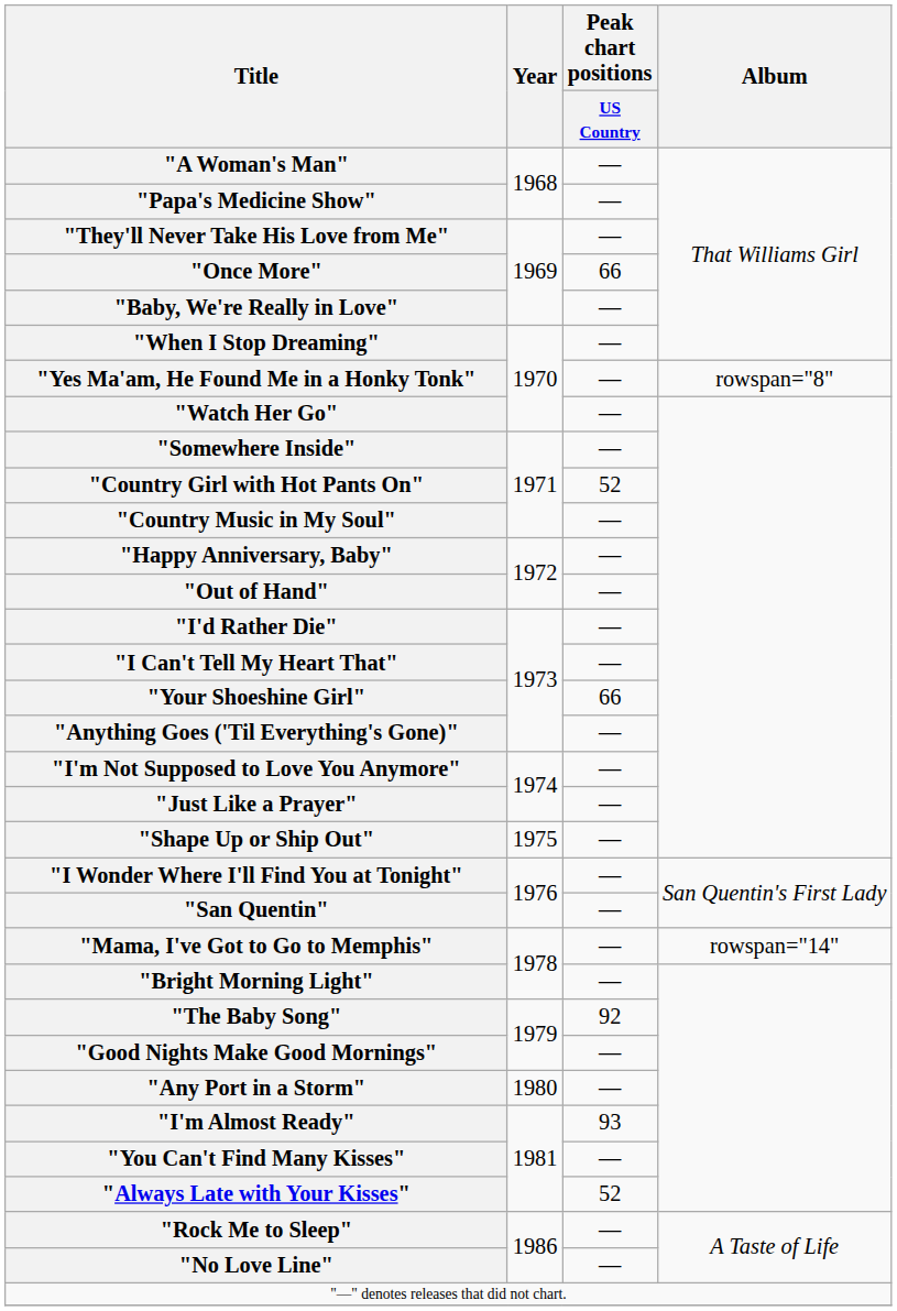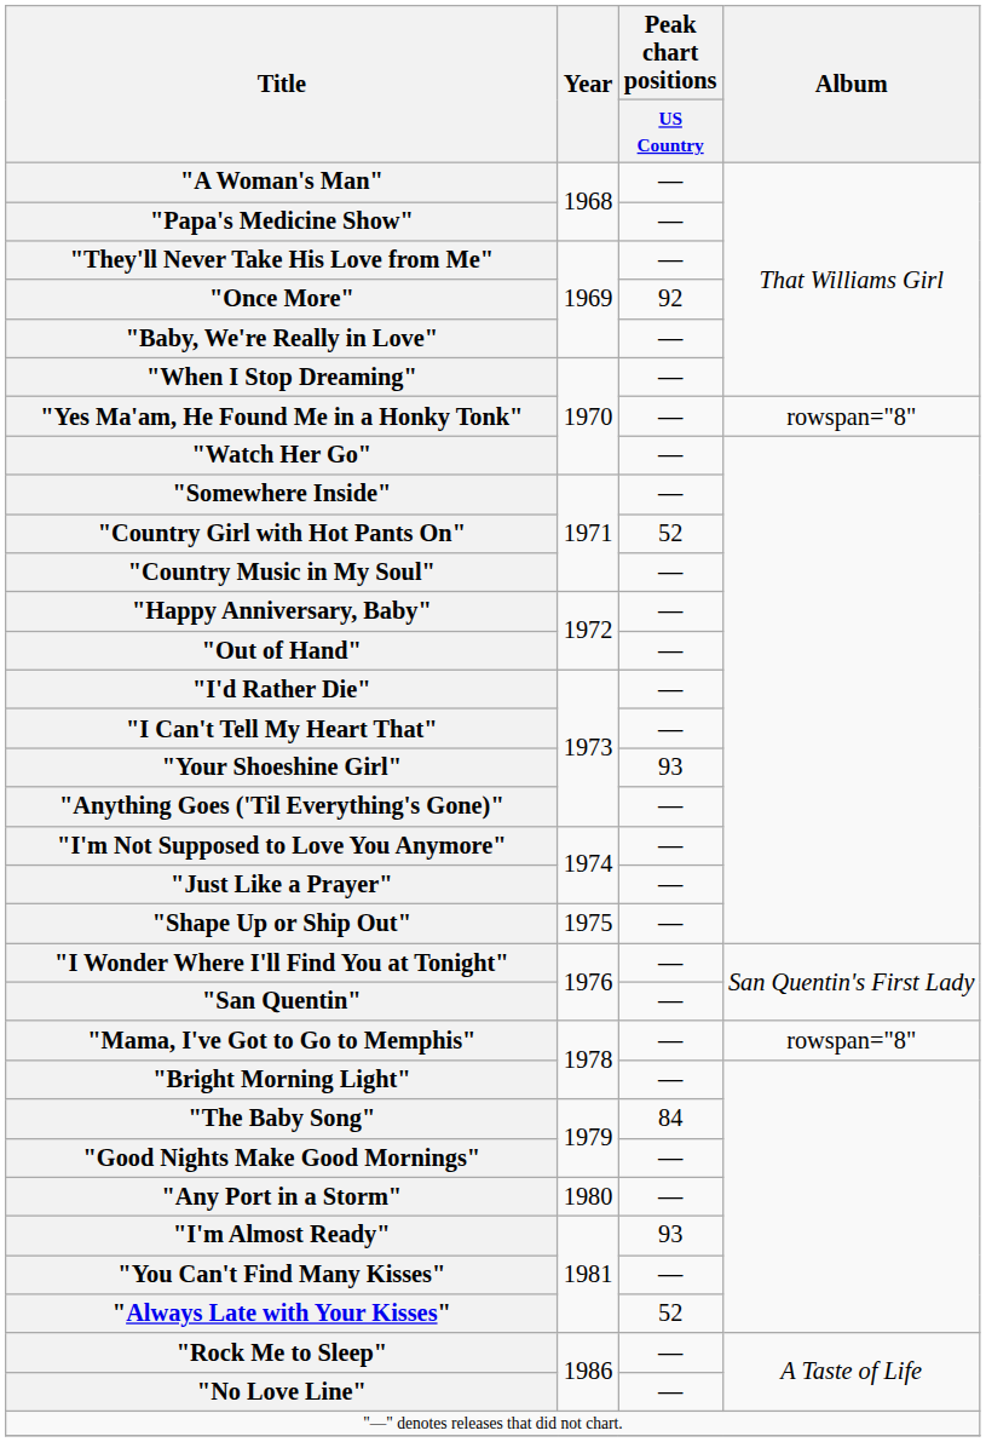 <table class="wikitable plainrowheaders" style="text-align:center;" border="1">
 <tr>
 <th scope="col" rowspan="2" style="width:22em;">Title</th>
 <th scope="col" rowspan="2">Year</th>
 <th scope="col" colspan="1">Peak<br>chart<br>positions</th>
 <th scope="col" rowspan="2">Album</th>
 </tr>
 <tr>
 <th scope="col" style="width:3.7em;font-size:90%;"><a href='#'><small>US Country</small></a><br></th>
 </tr>
 <tr>
 <th scope="row">"A Woman's Man"</th>
 <td rowspan="2">1968</td>
 <td>—</td>
 <td rowspan="6"><em>That Williams Girl</em></td>
 </tr>
 <tr>
 <th scope="row">"Papa's Medicine Show"</th>
 <td>—</td>
 </tr>
 <tr>
 <th scope="row">"They'll Never Take His Love from Me"</th>
 <td rowspan="3">1969</td>
 <td>—</td>
 </tr>
 <tr>
 <th scope="row">"Once More"</th>
-<td>66</td>
+<td>92</td>
 </tr>
 <tr>
 <th scope="row">"Baby, We're Really in Love"</th>
 <td>—</td>
 </tr>
 <tr>
 <th scope="row">"When I Stop Dreaming"</th>
 <td rowspan="3">1970</td>
 <td>—</td>
 </tr>
 <tr>
 <th scope="row">"Yes Ma'am, He Found Me in a Honky Tonk"</th>
 <td>—</td>
 <td>rowspan="8" </td>
 </tr>
 <tr>
 <th scope="row">"Watch Her Go"</th>
 <td>—</td>
 </tr>
 <tr>
 <th scope="row">"Somewhere Inside"</th>
 <td rowspan="3">1971</td>
 <td>—</td>
 </tr>
 <tr>
 <th scope="row">"Country Girl with Hot Pants On"</th>
 <td>52</td>
 </tr>
 <tr>
 <th scope="row">"Country Music in My Soul"</th>
 <td>—</td>
 </tr>
 <tr>
 <th scope="row">"Happy Anniversary, Baby"</th>
 <td rowspan="2">1972</td>
 <td>—</td>
 </tr>
 <tr>
 <th scope="row">"Out of Hand"</th>
 <td>—</td>
 </tr>
 <tr>
 <th scope="row">"I'd Rather Die"</th>
 <td rowspan="4">1973</td>
 <td>—</td>
 </tr>
 <tr>
 <th scope="row">"I Can't Tell My Heart That"</th>
 <td>—</td>
 </tr>
 <tr>
 <th scope="row">"Your Shoeshine Girl"</th>
-<td>66</td>
+<td>93</td>
 </tr>
 <tr>
 <th scope="row">"Anything Goes ('Til Everything's Gone)"</th>
 <td>—</td>
 </tr>
 <tr>
 <th scope="row">"I'm Not Supposed to Love You Anymore"</th>
 <td rowspan="2">1974</td>
 <td>—</td>
 </tr>
 <tr>
 <th scope="row">"Just Like a Prayer"</th>
 <td>—</td>
 </tr>
 <tr>
 <th scope="row">"Shape Up or Ship Out"</th>
 <td>1975</td>
 <td>—</td>
 </tr>
 <tr>
 <th scope="row">"I Wonder Where I'll Find You at Tonight"</th>
 <td rowspan="2">1976</td>
 <td>—</td>
 <td rowspan="2"><em>San Quentin's First Lady</em></td>
 </tr>
 <tr>
 <th scope="row">"San Quentin"</th>
 <td>—</td>
 </tr>
 <tr>
 <th scope="row">"Mama, I've Got to Go to Memphis"</th>
 <td rowspan="2">1978</td>
 <td>—</td>
-<td>rowspan="14" </td>
+<td>rowspan="8" </td>
 </tr>
 <tr>
 <th scope="row">"Bright Morning Light"</th>
 <td>—</td>
 </tr>
 <tr>
 <th scope="row">"The Baby Song"</th>
 <td rowspan="2">1979</td>
-<td>92</td>
+<td>84</td>
 </tr>
 <tr>
 <th scope="row">"Good Nights Make Good Mornings"</th>
 <td>—</td>
 </tr>
 <tr>
 <th scope="row">"Any Port in a Storm"</th>
 <td>1980</td>
 <td>—</td>
 </tr>
 <tr>
 <th scope="row">"I'm Almost Ready"</th>
 <td rowspan="3">1981</td>
 <td>93</td>
 </tr>
 <tr>
 <th scope="row">"You Can't Find Many Kisses"</th>
 <td>—</td>
 </tr>
 <tr>
 <th scope="row">"<a href='#'>Always Late with Your Kisses</a>"</th>
 <td>52</td>
 </tr>
 <tr>
 <th scope="row">"Rock Me to Sleep"</th>
 <td rowspan="2">1986</td>
 <td>—</td>
 <td rowspan="2"><em>A Taste of Life</em></td>
 </tr>
 <tr>
 <th scope="row">"No Love Line"</th>
 <td>—</td>
 </tr>
 <tr>
 <td align="center" colspan="4" style="font-size: 8pt">"—" denotes releases that did not chart.</td>
 </tr>
 <tr>
 </tr>
 </table>
